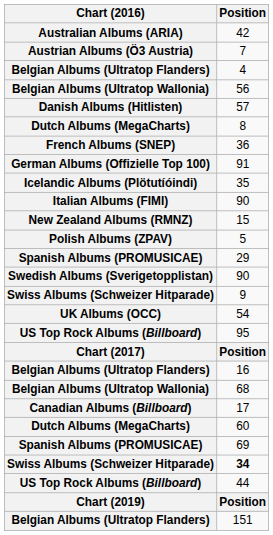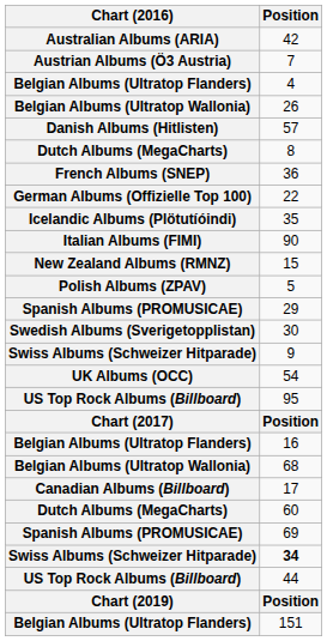 <table class="wikitable sortable plainrowheaders" style="text-align:center">
 <tr>
 <th scope="col">Chart (2016)</th>
 <th scope="col">Position</th>
 </tr>
 <tr>
 <th scope="row">Australian Albums (ARIA)</th>
 <td>42</td>
 </tr>
 <tr>
 <th scope="row">Austrian Albums (Ö3 Austria)</th>
 <td>7</td>
 </tr>
 <tr>
 <th scope="row">Belgian Albums (Ultratop Flanders)</th>
 <td>4</td>
 </tr>
 <tr>
 <th scope="row">Belgian Albums (Ultratop Wallonia)</th>
-<td>56</td>
+<td>26</td>
 </tr>
 <tr>
 <th scope="row">Danish Albums (Hitlisten)</th>
 <td>57</td>
 </tr>
 <tr>
 <th scope="row">Dutch Albums (MegaCharts)</th>
 <td>8</td>
 </tr>
 <tr>
 <th scope="row">French Albums (SNEP)</th>
 <td>36</td>
 </tr>
 <tr>
 <th scope="row">German Albums (Offizielle Top 100)</th>
-<td>91</td>
+<td>22</td>
 </tr>
 <tr>
 <th scope="row">Icelandic Albums (Plötutíóindi)</th>
 <td>35</td>
 </tr>
 <tr>
 <th scope="row">Italian Albums (FIMI)</th>
 <td>90</td>
 </tr>
 <tr>
 <th scope="row">New Zealand Albums (RMNZ)</th>
 <td>15</td>
 </tr>
 <tr>
 <th scope="row">Polish Albums (ZPAV)</th>
 <td>5</td>
 </tr>
 <tr>
 <th scope="row">Spanish Albums (PROMUSICAE)</th>
 <td>29</td>
 </tr>
 <tr>
 <th scope="row">Swedish Albums (Sverigetopplistan)</th>
-<td>90</td>
+<td>30</td>
 </tr>
 <tr>
 <th scope="row">Swiss Albums (Schweizer Hitparade)</th>
 <td>9</td>
 </tr>
 <tr>
 <th scope="row">UK Albums (OCC)</th>
 <td>54</td>
 </tr>
 <tr>
 <th scope="row">US Top Rock Albums (<em>Billboard</em>)</th>
 <td>95</td>
 </tr>
 <tr>
 <th scope="col">Chart (2017)</th>
 <th scope="col">Position</th>
 </tr>
 <tr>
 <th scope="row">Belgian Albums (Ultratop Flanders)</th>
 <td>16</td>
 </tr>
 <tr>
 <th scope="row">Belgian Albums (Ultratop Wallonia)</th>
 <td>68</td>
 </tr>
 <tr>
 <th scope="row">Canadian Albums (<em>Billboard</em>)</th>
 <td>17</td>
 </tr>
 <tr>
 <th scope="row">Dutch Albums (MegaCharts)</th>
 <td>60</td>
 </tr>
 <tr>
 <th scope="row">Spanish Albums (PROMUSICAE)</th>
 <td>69</td>
 </tr>
 <tr>
 <th scope="row">Swiss Albums (Schweizer Hitparade)</th>
 <td><strong>34</strong></td>
 </tr>
 <tr>
 <th scope="row">US Top Rock Albums (<em>Billboard</em>)</th>
 <td>44</td>
 </tr>
 <tr>
 <th scope="col">Chart (2019)</th>
 <th scope="col">Position</th>
 </tr>
 <tr>
 <th scope="row">Belgian Albums (Ultratop Flanders)</th>
 <td>151</td>
 </tr>
 </table>
